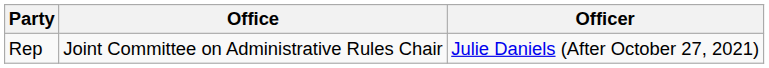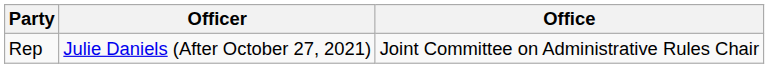 <table class=wikitable>
 <tr>
 <th>Party</th>
+<th>Officer</th>
 <th>Office</th>
-<th>Officer</th>
 </tr>
 <tr>
 <td style="background: ">Rep</td>
+<td><a href='#'>Julie Daniels</a> (After October 27, 2021)</td>
 <td>Joint Committee on Administrative Rules Chair</td>
-<td><a href='#'>Julie Daniels</a> (After October 27, 2021)</td>
 </tr>
 </table>
